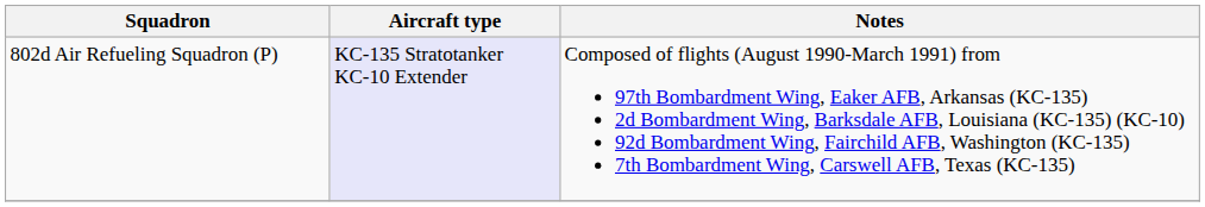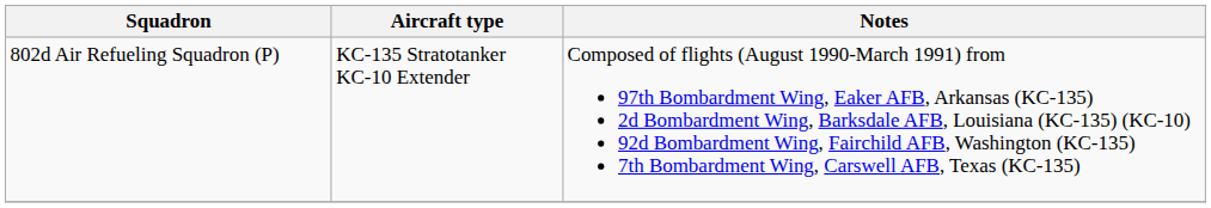 <table class="wikitable">
 <tr>
 <th scope="col" width="250">Squadron</th>
 <th scope="col" width="175">Aircraft type</th>
 <th scope="col" width="500">Notes</th>
 </tr>
 <tr valign="top">
 <td>802d Air Refueling Squadron (P)</td>
-<td style="background: lavender;">KC-135 Stratotanker<br>KC-10 Extender</td>
+<td>KC-135 Stratotanker<br>KC-10 Extender</td>
 <td>Composed of flights (August 1990-March 1991) from<br><ul><li><a href='#'>97th Bombardment Wing</a>, <a href='#'>Eaker AFB</a>, Arkansas (KC-135)</li><li><a href='#'>2d Bombardment Wing</a>, <a href='#'>Barksdale AFB</a>, Louisiana (KC-135) (KC-10)</li><li><a href='#'>92d Bombardment Wing</a>, <a href='#'>Fairchild AFB</a>, Washington (KC-135)</li><li><a href='#'>7th Bombardment Wing</a>, <a href='#'>Carswell AFB</a>, Texas (KC-135)</li></ul></td>
 </tr>
 <tr>
 </tr>
 <tr>
 </tr>
 </table>
